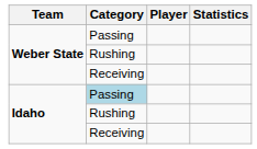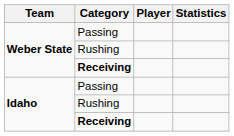 <table class="wikitable" style="float: right;">
 <tr>
 <th>Team</th>
 <th>Category</th>
 <th>Player</th>
 <th>Statistics</th>
 </tr>
 <tr>
 <td rowspan=3><strong>Weber State</strong></td>
 <td>Passing</td>
 <td></td>
 <td></td>
 </tr>
 <tr>
 <td>Rushing</td>
 <td></td>
 <td></td>
 </tr>
 <tr>
-<td>Receiving</td>
+<td><strong>Receiving</strong></td>
 <td></td>
 <td></td>
 </tr>
 <tr>
 <td rowspan=3><strong>Idaho</strong></td>
-<td style="background: lightblue;">Passing</td>
+<td>Passing</td>
 <td></td>
 <td></td>
 </tr>
 <tr>
 <td>Rushing</td>
 <td></td>
 <td></td>
 </tr>
 <tr>
-<td>Receiving</td>
+<td><strong>Receiving</strong></td>
 <td></td>
 <td></td>
 </tr>
 </table>
